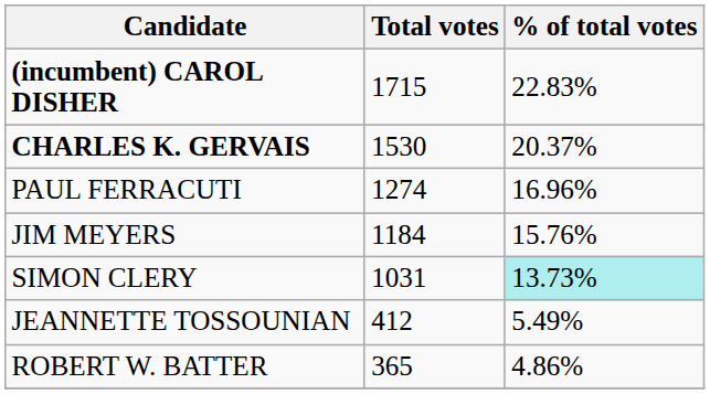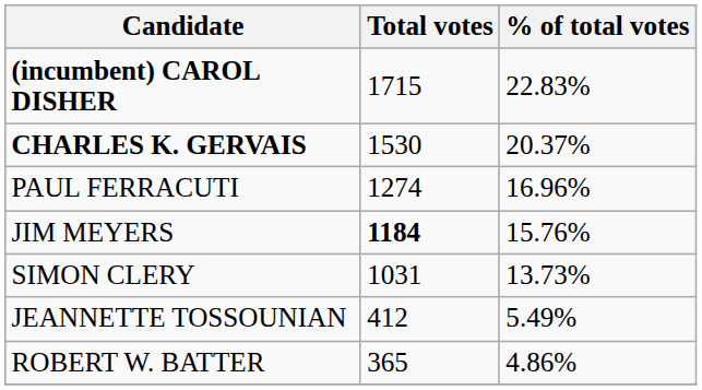 <table class="wikitable">
 <tr>
 <th bgcolor="#DDDDFF" width="200px">Candidate</th>
 <th bgcolor="#DDDDFF">Total votes</th>
 <th bgcolor="#DDDDFF">% of total votes</th>
 </tr>
 <tr>
 <td><strong>(incumbent) CAROL DISHER</strong></td>
 <td>1715</td>
 <td>22.83%</td>
 </tr>
 <tr>
 <td><strong>CHARLES K. GERVAIS</strong></td>
 <td>1530</td>
 <td>20.37%</td>
 </tr>
 <tr>
 <td>PAUL FERRACUTI</td>
 <td>1274</td>
 <td>16.96%</td>
 </tr>
 <tr>
 <td>JIM MEYERS</td>
-<td>1184</td>
+<td><strong>1184</strong></td>
 <td>15.76%</td>
 </tr>
 <tr>
 <td>SIMON CLERY</td>
 <td>1031</td>
-<td style="background: paleturquoise;">13.73%</td>
+<td>13.73%</td>
 </tr>
 <tr>
 <td>JEANNETTE TOSSOUNIAN</td>
 <td>412</td>
 <td>5.49%</td>
 </tr>
 <tr>
 <td>ROBERT W. BATTER</td>
 <td>365</td>
 <td>4.86%</td>
 </tr>
 <tr>
 </tr>
 </table>
